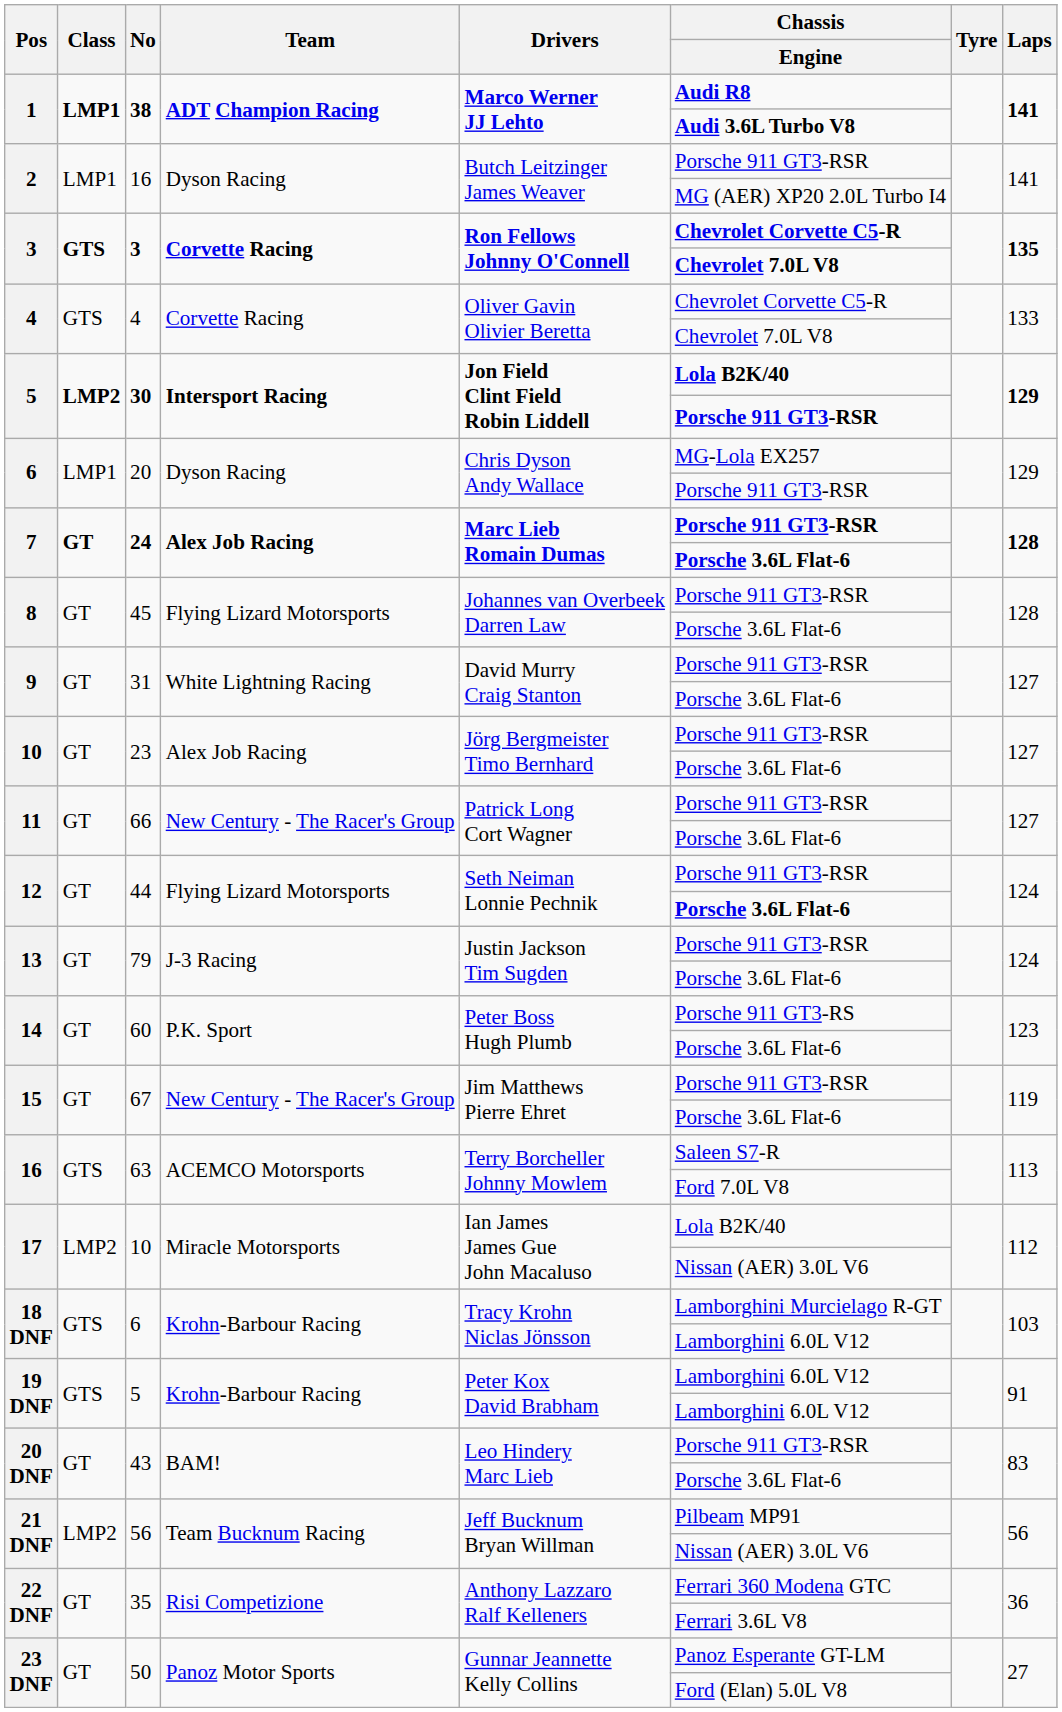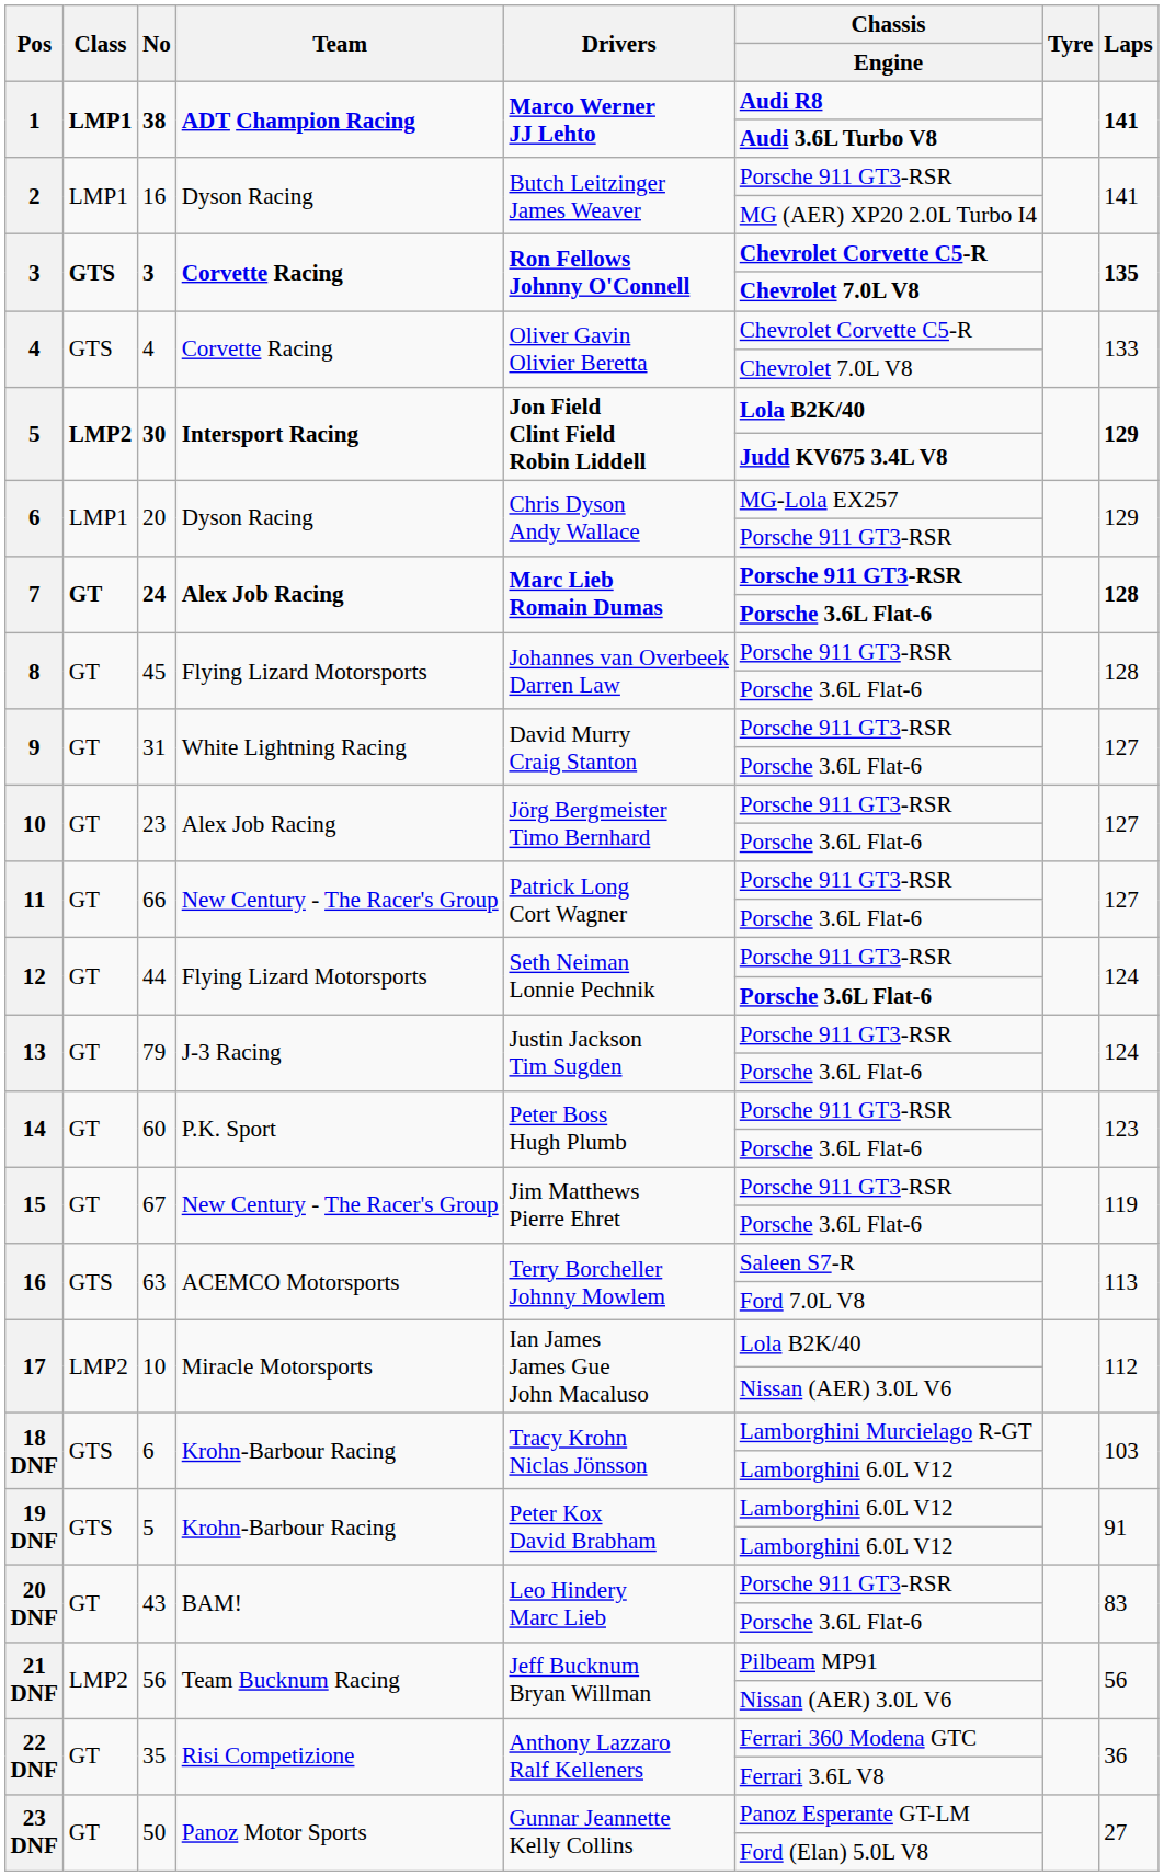 <table class="wikitable" style="font-size: 95%;">
 <tr>
 <th rowspan=2>Pos</th>
 <th rowspan=2>Class</th>
 <th rowspan=2>No</th>
 <th rowspan=2>Team</th>
 <th rowspan=2>Drivers</th>
 <th>Chassis</th>
 <th rowspan=2>Tyre</th>
 <th rowspan=2>Laps</th>
 </tr>
 <tr>
 <th>Engine</th>
 </tr>
 <tr style="font-weight:bold">
 <th rowspan=2>1</th>
 <td rowspan=2>LMP1</td>
 <td rowspan=2>38</td>
 <td rowspan=2> <a href='#'>ADT</a> <a href='#'>Champion Racing</a></td>
 <td rowspan=2> <a href='#'>Marco Werner</a><br> <a href='#'>JJ Lehto</a></td>
 <td><a href='#'>Audi R8</a></td>
 <td rowspan=2></td>
 <td rowspan=2>141</td>
 </tr>
 <tr style="font-weight:bold">
 <td><a href='#'>Audi</a> 3.6L Turbo V8</td>
 </tr>
 <tr>
 <th rowspan=2>2</th>
 <td rowspan=2>LMP1</td>
 <td rowspan=2>16</td>
 <td rowspan=2> Dyson Racing</td>
 <td rowspan=2> <a href='#'>Butch Leitzinger</a><br> <a href='#'>James Weaver</a></td>
 <td><a href='#'>Porsche 911 GT3</a>-RSR</td>
 <td rowspan=2></td>
 <td rowspan=2>141</td>
 </tr>
 <tr>
 <td><a href='#'>MG</a> (AER) XP20 2.0L Turbo I4</td>
 </tr>
 <tr style="font-weight:bold">
 <th rowspan=2>3</th>
 <td rowspan=2>GTS</td>
 <td rowspan=2>3</td>
 <td rowspan=2> <a href='#'>Corvette</a> Racing</td>
 <td rowspan=2> <a href='#'>Ron Fellows</a><br> <a href='#'>Johnny O'Connell</a></td>
 <td><a href='#'>Chevrolet Corvette C5</a>-R</td>
 <td rowspan=2></td>
 <td rowspan=2>135</td>
 </tr>
 <tr style="font-weight:bold">
 <td><a href='#'>Chevrolet</a> 7.0L V8</td>
 </tr>
 <tr>
 <th rowspan=2>4</th>
 <td rowspan=2>GTS</td>
 <td rowspan=2>4</td>
 <td rowspan=2> <a href='#'>Corvette</a> Racing</td>
 <td rowspan=2> <a href='#'>Oliver Gavin</a><br> <a href='#'>Olivier Beretta</a></td>
 <td><a href='#'>Chevrolet Corvette C5</a>-R</td>
 <td rowspan=2></td>
 <td rowspan=2>133</td>
 </tr>
 <tr>
 <td><a href='#'>Chevrolet</a> 7.0L V8</td>
 </tr>
 <tr style="font-weight:bold">
 <th rowspan=2>5</th>
 <td rowspan=2>LMP2</td>
 <td rowspan=2>30</td>
 <td rowspan=2> Intersport Racing</td>
 <td rowspan=2> Jon Field<br> Clint Field<br> Robin Liddell</td>
 <td><a href='#'>Lola</a> B2K/40</td>
 <td rowspan=2></td>
 <td rowspan=2>129</td>
 </tr>
 <tr style="font-weight:bold">
-<td><a href='#'>Porsche 911 GT3</a>-RSR</td>
+<td><a href='#'>Judd</a> KV675 3.4L V8</td>
 </tr>
 <tr>
 <th rowspan=2>6</th>
 <td rowspan=2>LMP1</td>
 <td rowspan=2>20</td>
 <td rowspan=2> Dyson Racing</td>
 <td rowspan=2> <a href='#'>Chris Dyson</a><br> <a href='#'>Andy Wallace</a></td>
 <td><a href='#'>MG</a>-<a href='#'>Lola</a> EX257</td>
 <td rowspan=2></td>
 <td rowspan=2>129</td>
 </tr>
 <tr>
 <td><a href='#'>Porsche 911 GT3</a>-RSR</td>
 </tr>
 <tr style="font-weight:bold">
 <th rowspan=2>7</th>
 <td rowspan=2>GT</td>
 <td rowspan=2>24</td>
 <td rowspan=2> Alex Job Racing</td>
 <td rowspan=2> <a href='#'>Marc Lieb</a><br> <a href='#'>Romain Dumas</a></td>
 <td><a href='#'>Porsche 911 GT3</a>-RSR</td>
 <td rowspan=2></td>
 <td rowspan=2>128</td>
 </tr>
 <tr style="font-weight:bold">
 <td><a href='#'>Porsche</a> 3.6L Flat-6</td>
 </tr>
 <tr>
 <th rowspan=2>8</th>
 <td rowspan=2>GT</td>
 <td rowspan=2>45</td>
 <td rowspan=2> Flying Lizard Motorsports</td>
 <td rowspan=2> <a href='#'>Johannes van Overbeek</a><br> <a href='#'>Darren Law</a></td>
 <td><a href='#'>Porsche 911 GT3</a>-RSR</td>
 <td rowspan=2></td>
 <td rowspan=2>128</td>
 </tr>
 <tr>
 <td><a href='#'>Porsche</a> 3.6L Flat-6</td>
 </tr>
 <tr>
 <th rowspan=2>9</th>
 <td rowspan=2>GT</td>
 <td rowspan=2>31</td>
 <td rowspan=2> White Lightning Racing</td>
 <td rowspan=2> David Murry<br> <a href='#'>Craig Stanton</a></td>
 <td><a href='#'>Porsche 911 GT3</a>-RSR</td>
 <td rowspan=2></td>
 <td rowspan=2>127</td>
 </tr>
 <tr>
 <td><a href='#'>Porsche</a> 3.6L Flat-6</td>
 </tr>
 <tr>
 <th rowspan=2>10</th>
 <td rowspan=2>GT</td>
 <td rowspan=2>23</td>
 <td rowspan=2> Alex Job Racing</td>
 <td rowspan=2> <a href='#'>Jörg Bergmeister</a><br> <a href='#'>Timo Bernhard</a></td>
 <td><a href='#'>Porsche 911 GT3</a>-RSR</td>
 <td rowspan=2></td>
 <td rowspan=2>127</td>
 </tr>
 <tr>
 <td><a href='#'>Porsche</a> 3.6L Flat-6</td>
 </tr>
 <tr>
 <th rowspan=2>11</th>
 <td rowspan=2>GT</td>
 <td rowspan=2>66</td>
 <td rowspan=2> <a href='#'>New Century</a> - <a href='#'>The Racer's Group</a></td>
 <td rowspan=2> <a href='#'>Patrick Long</a><br> Cort Wagner</td>
 <td><a href='#'>Porsche 911 GT3</a>-RSR</td>
 <td rowspan=2></td>
 <td rowspan=2>127</td>
 </tr>
 <tr>
 <td><a href='#'>Porsche</a> 3.6L Flat-6</td>
 </tr>
 <tr>
 <th rowspan=2>12</th>
 <td rowspan=2>GT</td>
 <td rowspan=2>44</td>
 <td rowspan=2> Flying Lizard Motorsports</td>
 <td rowspan=2> <a href='#'>Seth Neiman</a><br> Lonnie Pechnik</td>
 <td><a href='#'>Porsche 911 GT3</a>-RSR</td>
 <td rowspan=2></td>
 <td rowspan=2>124</td>
 </tr>
 <tr>
 <td><strong><a href='#'>Porsche</a> 3.6L Flat-6</strong></td>
 </tr>
 <tr>
 <th rowspan=2>13</th>
 <td rowspan=2>GT</td>
 <td rowspan=2>79</td>
 <td rowspan=2> J-3 Racing</td>
 <td rowspan=2> Justin Jackson<br> <a href='#'>Tim Sugden</a></td>
 <td><a href='#'>Porsche 911 GT3</a>-RSR</td>
 <td rowspan=2></td>
 <td rowspan=2>124</td>
 </tr>
 <tr>
 <td><a href='#'>Porsche</a> 3.6L Flat-6</td>
 </tr>
 <tr>
 <th rowspan=2>14</th>
 <td rowspan=2>GT</td>
 <td rowspan=2>60</td>
 <td rowspan=2> P.K. Sport</td>
 <td rowspan=2> <a href='#'>Peter Boss</a><br> Hugh Plumb</td>
-<td><a href='#'>Porsche 911 GT3</a>-RS</td>
+<td><a href='#'>Porsche 911 GT3</a>-RSR</td>
 <td rowspan=2></td>
 <td rowspan=2>123</td>
 </tr>
 <tr>
 <td><a href='#'>Porsche</a> 3.6L Flat-6</td>
 </tr>
 <tr>
 <th rowspan=2>15</th>
 <td rowspan=2>GT</td>
 <td rowspan=2>67</td>
 <td rowspan=2> <a href='#'>New Century</a> - <a href='#'>The Racer's Group</a></td>
 <td rowspan=2> Jim Matthews<br> Pierre Ehret</td>
 <td><a href='#'>Porsche 911 GT3</a>-RSR</td>
 <td rowspan=2></td>
 <td rowspan=2>119</td>
 </tr>
 <tr>
 <td><a href='#'>Porsche</a> 3.6L Flat-6</td>
 </tr>
 <tr>
 <th rowspan=2>16</th>
 <td rowspan=2>GTS</td>
 <td rowspan=2>63</td>
 <td rowspan=2> ACEMCO Motorsports</td>
 <td rowspan=2> <a href='#'>Terry Borcheller</a><br> <a href='#'>Johnny Mowlem</a></td>
 <td><a href='#'>Saleen S7</a>-R</td>
 <td rowspan=2></td>
 <td rowspan=2>113</td>
 </tr>
 <tr>
 <td><a href='#'>Ford</a> 7.0L V8</td>
 </tr>
 <tr>
 <th rowspan=2>17</th>
 <td rowspan=2>LMP2</td>
 <td rowspan=2>10</td>
 <td rowspan=2> Miracle Motorsports</td>
 <td rowspan=2> Ian James<br> James Gue<br> John Macaluso</td>
 <td><a href='#'>Lola</a> B2K/40</td>
 <td rowspan=2></td>
 <td rowspan=2>112</td>
 </tr>
 <tr>
 <td><a href='#'>Nissan</a> (AER) 3.0L V6</td>
 </tr>
 <tr>
 <th rowspan=2>18<br>DNF</th>
 <td rowspan=2>GTS</td>
 <td rowspan=2>6</td>
 <td rowspan=2> <a href='#'>Krohn</a>-Barbour Racing</td>
 <td rowspan=2> <a href='#'>Tracy Krohn</a><br> <a href='#'>Niclas Jönsson</a></td>
 <td><a href='#'>Lamborghini Murcielago</a> R-GT</td>
 <td rowspan=2></td>
 <td rowspan=2>103</td>
 </tr>
 <tr>
 <td><a href='#'>Lamborghini</a> 6.0L V12</td>
 </tr>
 <tr>
 <th rowspan=2>19<br>DNF</th>
 <td rowspan=2>GTS</td>
 <td rowspan=2>5</td>
 <td rowspan=2> <a href='#'>Krohn</a>-Barbour Racing</td>
 <td rowspan=2> <a href='#'>Peter Kox</a><br> <a href='#'>David Brabham</a></td>
 <td><a href='#'>Lamborghini</a> 6.0L V12</td>
 <td rowspan=2></td>
 <td rowspan=2>91</td>
 </tr>
 <tr>
 <td><a href='#'>Lamborghini</a> 6.0L V12</td>
 </tr>
 <tr>
 <th rowspan=2>20<br>DNF</th>
 <td rowspan=2>GT</td>
 <td rowspan=2>43</td>
 <td rowspan=2> BAM!</td>
 <td rowspan=2> <a href='#'>Leo Hindery</a><br> <a href='#'>Marc Lieb</a></td>
 <td><a href='#'>Porsche 911 GT3</a>-RSR</td>
 <td rowspan=2></td>
 <td rowspan=2>83</td>
 </tr>
 <tr>
 <td><a href='#'>Porsche</a> 3.6L Flat-6</td>
 </tr>
 <tr>
 <th rowspan=2>21<br>DNF</th>
 <td rowspan=2>LMP2</td>
 <td rowspan=2>56</td>
 <td rowspan=2> Team <a href='#'>Bucknum</a> Racing</td>
 <td rowspan=2> <a href='#'>Jeff Bucknum</a><br> Bryan Willman</td>
 <td><a href='#'>Pilbeam</a> MP91</td>
 <td rowspan=2></td>
 <td rowspan=2>56</td>
 </tr>
 <tr>
 <td><a href='#'>Nissan</a> (AER) 3.0L V6</td>
 </tr>
 <tr>
 <th rowspan=2>22<br>DNF</th>
 <td rowspan=2>GT</td>
 <td rowspan=2>35</td>
 <td rowspan=2> <a href='#'>Risi Competizione</a></td>
 <td rowspan=2> <a href='#'>Anthony Lazzaro</a><br> <a href='#'>Ralf Kelleners</a></td>
 <td><a href='#'>Ferrari 360 Modena</a> GTC</td>
 <td rowspan=2></td>
 <td rowspan=2>36</td>
 </tr>
 <tr>
 <td><a href='#'>Ferrari</a> 3.6L V8</td>
 </tr>
 <tr>
 <th rowspan=2>23<br>DNF</th>
 <td rowspan=2>GT</td>
 <td rowspan=2>50</td>
 <td rowspan=2> <a href='#'>Panoz</a> Motor Sports</td>
 <td rowspan=2> <a href='#'>Gunnar Jeannette</a><br> Kelly Collins</td>
 <td><a href='#'>Panoz Esperante</a> GT-LM</td>
 <td rowspan=2></td>
 <td rowspan=2>27</td>
 </tr>
 <tr>
 <td><a href='#'>Ford</a> (Elan) 5.0L V8</td>
 </tr>
 </table>
